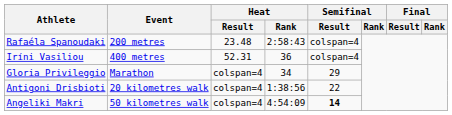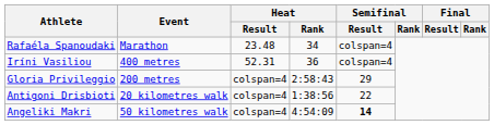 <table class="wikitable" style="font-size:90%">
 <tr>
 <th rowspan="2">Athlete</th>
 <th rowspan="2">Event</th>
 <th colspan="2">Heat</th>
 <th colspan="2">Semifinal</th>
 <th colspan="2">Final</th>
 </tr>
 <tr style="font-size:95%">
 <th>Result</th>
 <th>Rank</th>
 <th>Result</th>
 <th>Rank</th>
 <th>Result</th>
 <th>Rank</th>
 </tr>
 <tr style=text-align:center>
 <td style=text-align:left><a href='#'>Rafaéla Spanoudaki</a></td>
-<td style=text-align:left><a href='#'>200 metres</a></td>
+<td style=text-align:left><a href='#'>Marathon</a></td>
 <td>23.48</td>
-<td>2:58:43</td>
+<td>34</td>
 <td>colspan=4 </td>
 </tr>
 <tr style=text-align:center>
 <td style=text-align:left><a href='#'>Iríni Vasiliou</a></td>
 <td style=text-align:left><a href='#'>400 metres</a></td>
 <td>52.31</td>
 <td>36</td>
 <td>colspan=4 </td>
 </tr>
 <tr style=text-align:center>
 <td style=text-align:left><a href='#'>Gloria Privileggio</a></td>
-<td style=text-align:left><a href='#'>Marathon</a></td>
+<td style=text-align:left><a href='#'>200 metres</a></td>
 <td>colspan=4 </td>
-<td>34</td>
+<td>2:58:43</td>
 <td>29</td>
 </tr>
 <tr style=text-align:center>
 <td style=text-align:left><a href='#'>Antigoni Drisbioti</a></td>
 <td style=text-align:left><a href='#'>20 kilometres walk</a></td>
 <td>colspan=4 </td>
 <td>1:38:56</td>
 <td>22</td>
 </tr>
 <tr style=text-align:center>
 <td style=text-align:left><a href='#'>Angeliki Makri</a></td>
 <td style=text-align:left><a href='#'>50 kilometres walk</a></td>
 <td>colspan=4 </td>
 <td>4:54:09</td>
 <td><strong>14</strong></td>
 </tr>
 </table>
